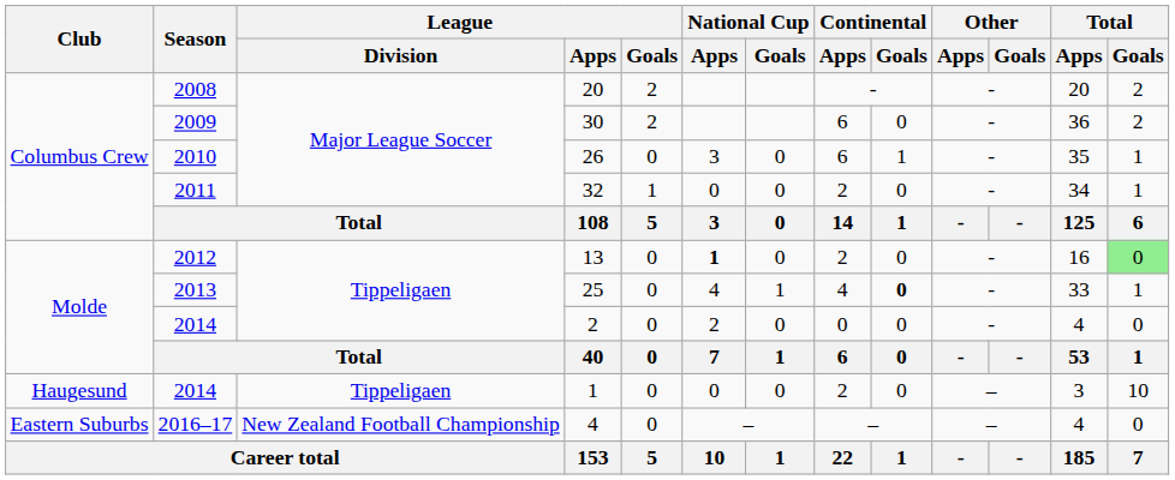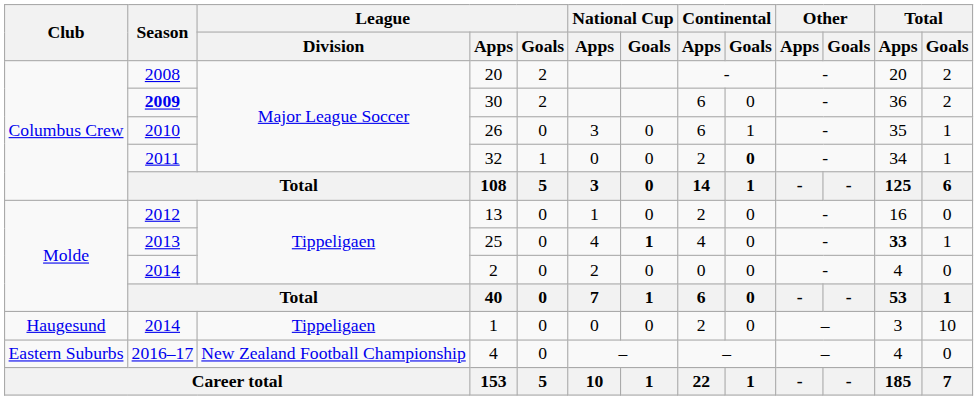 <table class="wikitable" style="text-align: center;">
 <tr>
 <th rowspan="2">Club</th>
 <th rowspan="2">Season</th>
 <th colspan="3">League</th>
 <th colspan="2">National Cup</th>
 <th colspan="2">Continental</th>
 <th colspan="2">Other</th>
 <th colspan="2">Total</th>
 </tr>
 <tr>
 <th>Division</th>
 <th>Apps</th>
 <th>Goals</th>
 <th>Apps</th>
 <th>Goals</th>
 <th>Apps</th>
 <th>Goals</th>
 <th>Apps</th>
 <th>Goals</th>
 <th>Apps</th>
 <th>Goals</th>
 </tr>
 <tr>
 <td rowspan="5" valign="center"><a href='#'>Columbus Crew</a></td>
 <td><a href='#'>2008</a></td>
 <td rowspan="4" valign="center"><a href='#'>Major League Soccer</a></td>
 <td>20</td>
 <td>2</td>
 <td></td>
 <td></td>
 <td colspan="2">-</td>
 <td colspan="2">-</td>
 <td>20</td>
 <td>2</td>
 </tr>
 <tr>
-<td><a href='#'>2009</a></td>
+<td><strong><a href='#'>2009</a></strong></td>
 <td>30</td>
 <td>2</td>
 <td></td>
 <td></td>
 <td>6</td>
 <td>0</td>
 <td colspan="2">-</td>
 <td>36</td>
 <td>2</td>
 </tr>
 <tr>
 <td><a href='#'>2010</a></td>
 <td>26</td>
 <td>0</td>
 <td>3</td>
 <td>0</td>
 <td>6</td>
 <td>1</td>
 <td colspan="2">-</td>
 <td>35</td>
 <td>1</td>
 </tr>
 <tr>
 <td><a href='#'>2011</a></td>
 <td>32</td>
 <td>1</td>
 <td>0</td>
 <td>0</td>
 <td>2</td>
-<td>0</td>
+<td><strong>0</strong></td>
 <td colspan="2">-</td>
 <td>34</td>
 <td>1</td>
 </tr>
 <tr>
 <th colspan="2">Total</th>
 <th>108</th>
 <th>5</th>
 <th>3</th>
 <th>0</th>
 <th>14</th>
 <th>1</th>
 <th>-</th>
 <th>-</th>
 <th>125</th>
 <th>6</th>
 </tr>
 <tr>
 <td rowspan="4" valign="center"><a href='#'>Molde</a></td>
 <td><a href='#'>2012</a></td>
 <td rowspan="3" valign="center"><a href='#'>Tippeligaen</a></td>
 <td>13</td>
 <td>0</td>
-<td><strong>1</strong></td>
+<td>1</td>
 <td>0</td>
 <td>2</td>
 <td>0</td>
 <td colspan="2">-</td>
 <td>16</td>
-<td style="background: lightgreen;">0</td>
+<td>0</td>
 </tr>
 <tr>
 <td><a href='#'>2013</a></td>
 <td>25</td>
 <td>0</td>
 <td>4</td>
-<td>1</td>
+<td><strong>1</strong></td>
 <td>4</td>
-<td><strong>0</strong></td>
+<td>0</td>
 <td colspan="2">-</td>
-<td>33</td>
+<td><strong>33</strong></td>
 <td>1</td>
 </tr>
 <tr>
 <td><a href='#'>2014</a></td>
 <td>2</td>
 <td>0</td>
 <td>2</td>
 <td>0</td>
 <td>0</td>
 <td>0</td>
 <td colspan="2">-</td>
 <td>4</td>
 <td>0</td>
 </tr>
 <tr>
 <th colspan="2">Total</th>
 <th>40</th>
 <th>0</th>
 <th>7</th>
 <th>1</th>
 <th>6</th>
 <th>0</th>
 <th>-</th>
 <th>-</th>
 <th>53</th>
 <th>1</th>
 </tr>
 <tr>
 <td valign="center"><a href='#'>Haugesund</a></td>
 <td><a href='#'>2014</a></td>
 <td><a href='#'>Tippeligaen</a></td>
 <td>1</td>
 <td>0</td>
 <td>0</td>
 <td>0</td>
 <td>2</td>
 <td>0</td>
 <td colspan="2">–</td>
 <td>3</td>
 <td>10</td>
 </tr>
 <tr>
 <td valign="center"><a href='#'>Eastern Suburbs</a></td>
 <td><a href='#'>2016–17</a></td>
 <td><a href='#'>New Zealand Football Championship</a></td>
 <td>4</td>
 <td>0</td>
 <td colspan="2">–</td>
 <td colspan="2">–</td>
 <td colspan="2">–</td>
 <td>4</td>
 <td>0</td>
 </tr>
 <tr>
 <th colspan="3">Career total</th>
 <th>153</th>
 <th>5</th>
 <th>10</th>
 <th>1</th>
 <th>22</th>
 <th>1</th>
 <th>-</th>
 <th>-</th>
 <th>185</th>
 <th>7</th>
 </tr>
 </table>
